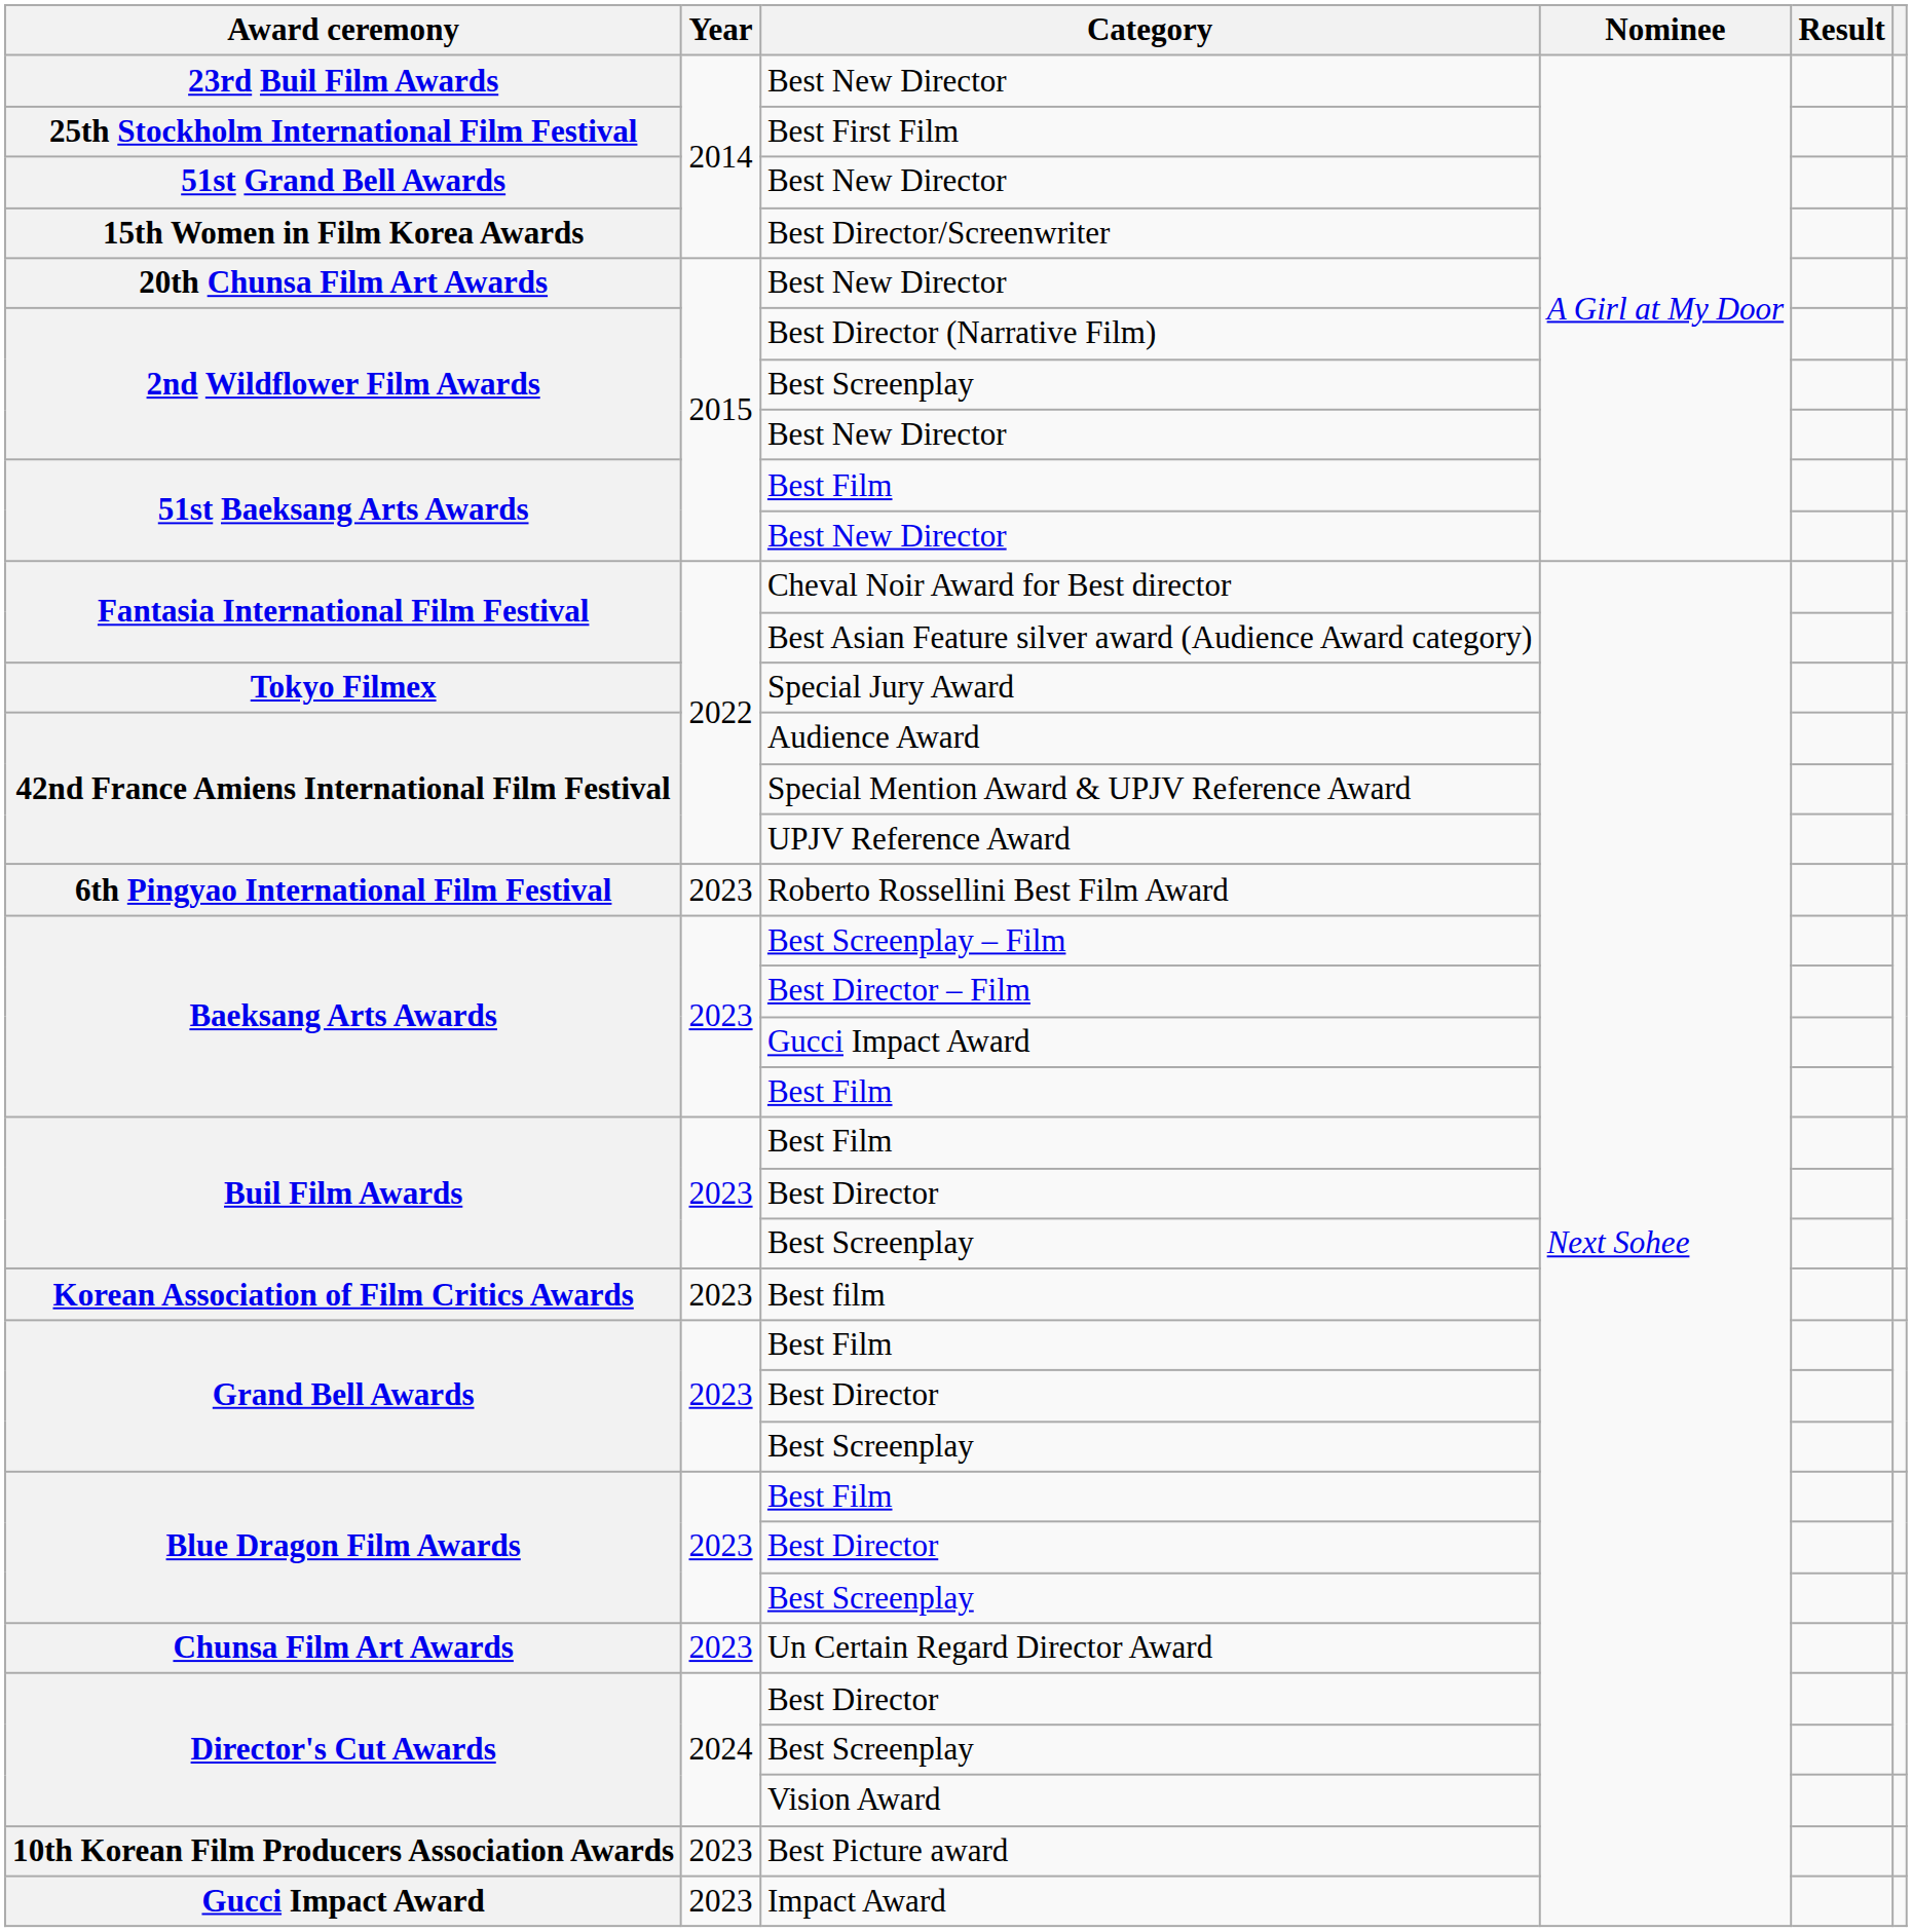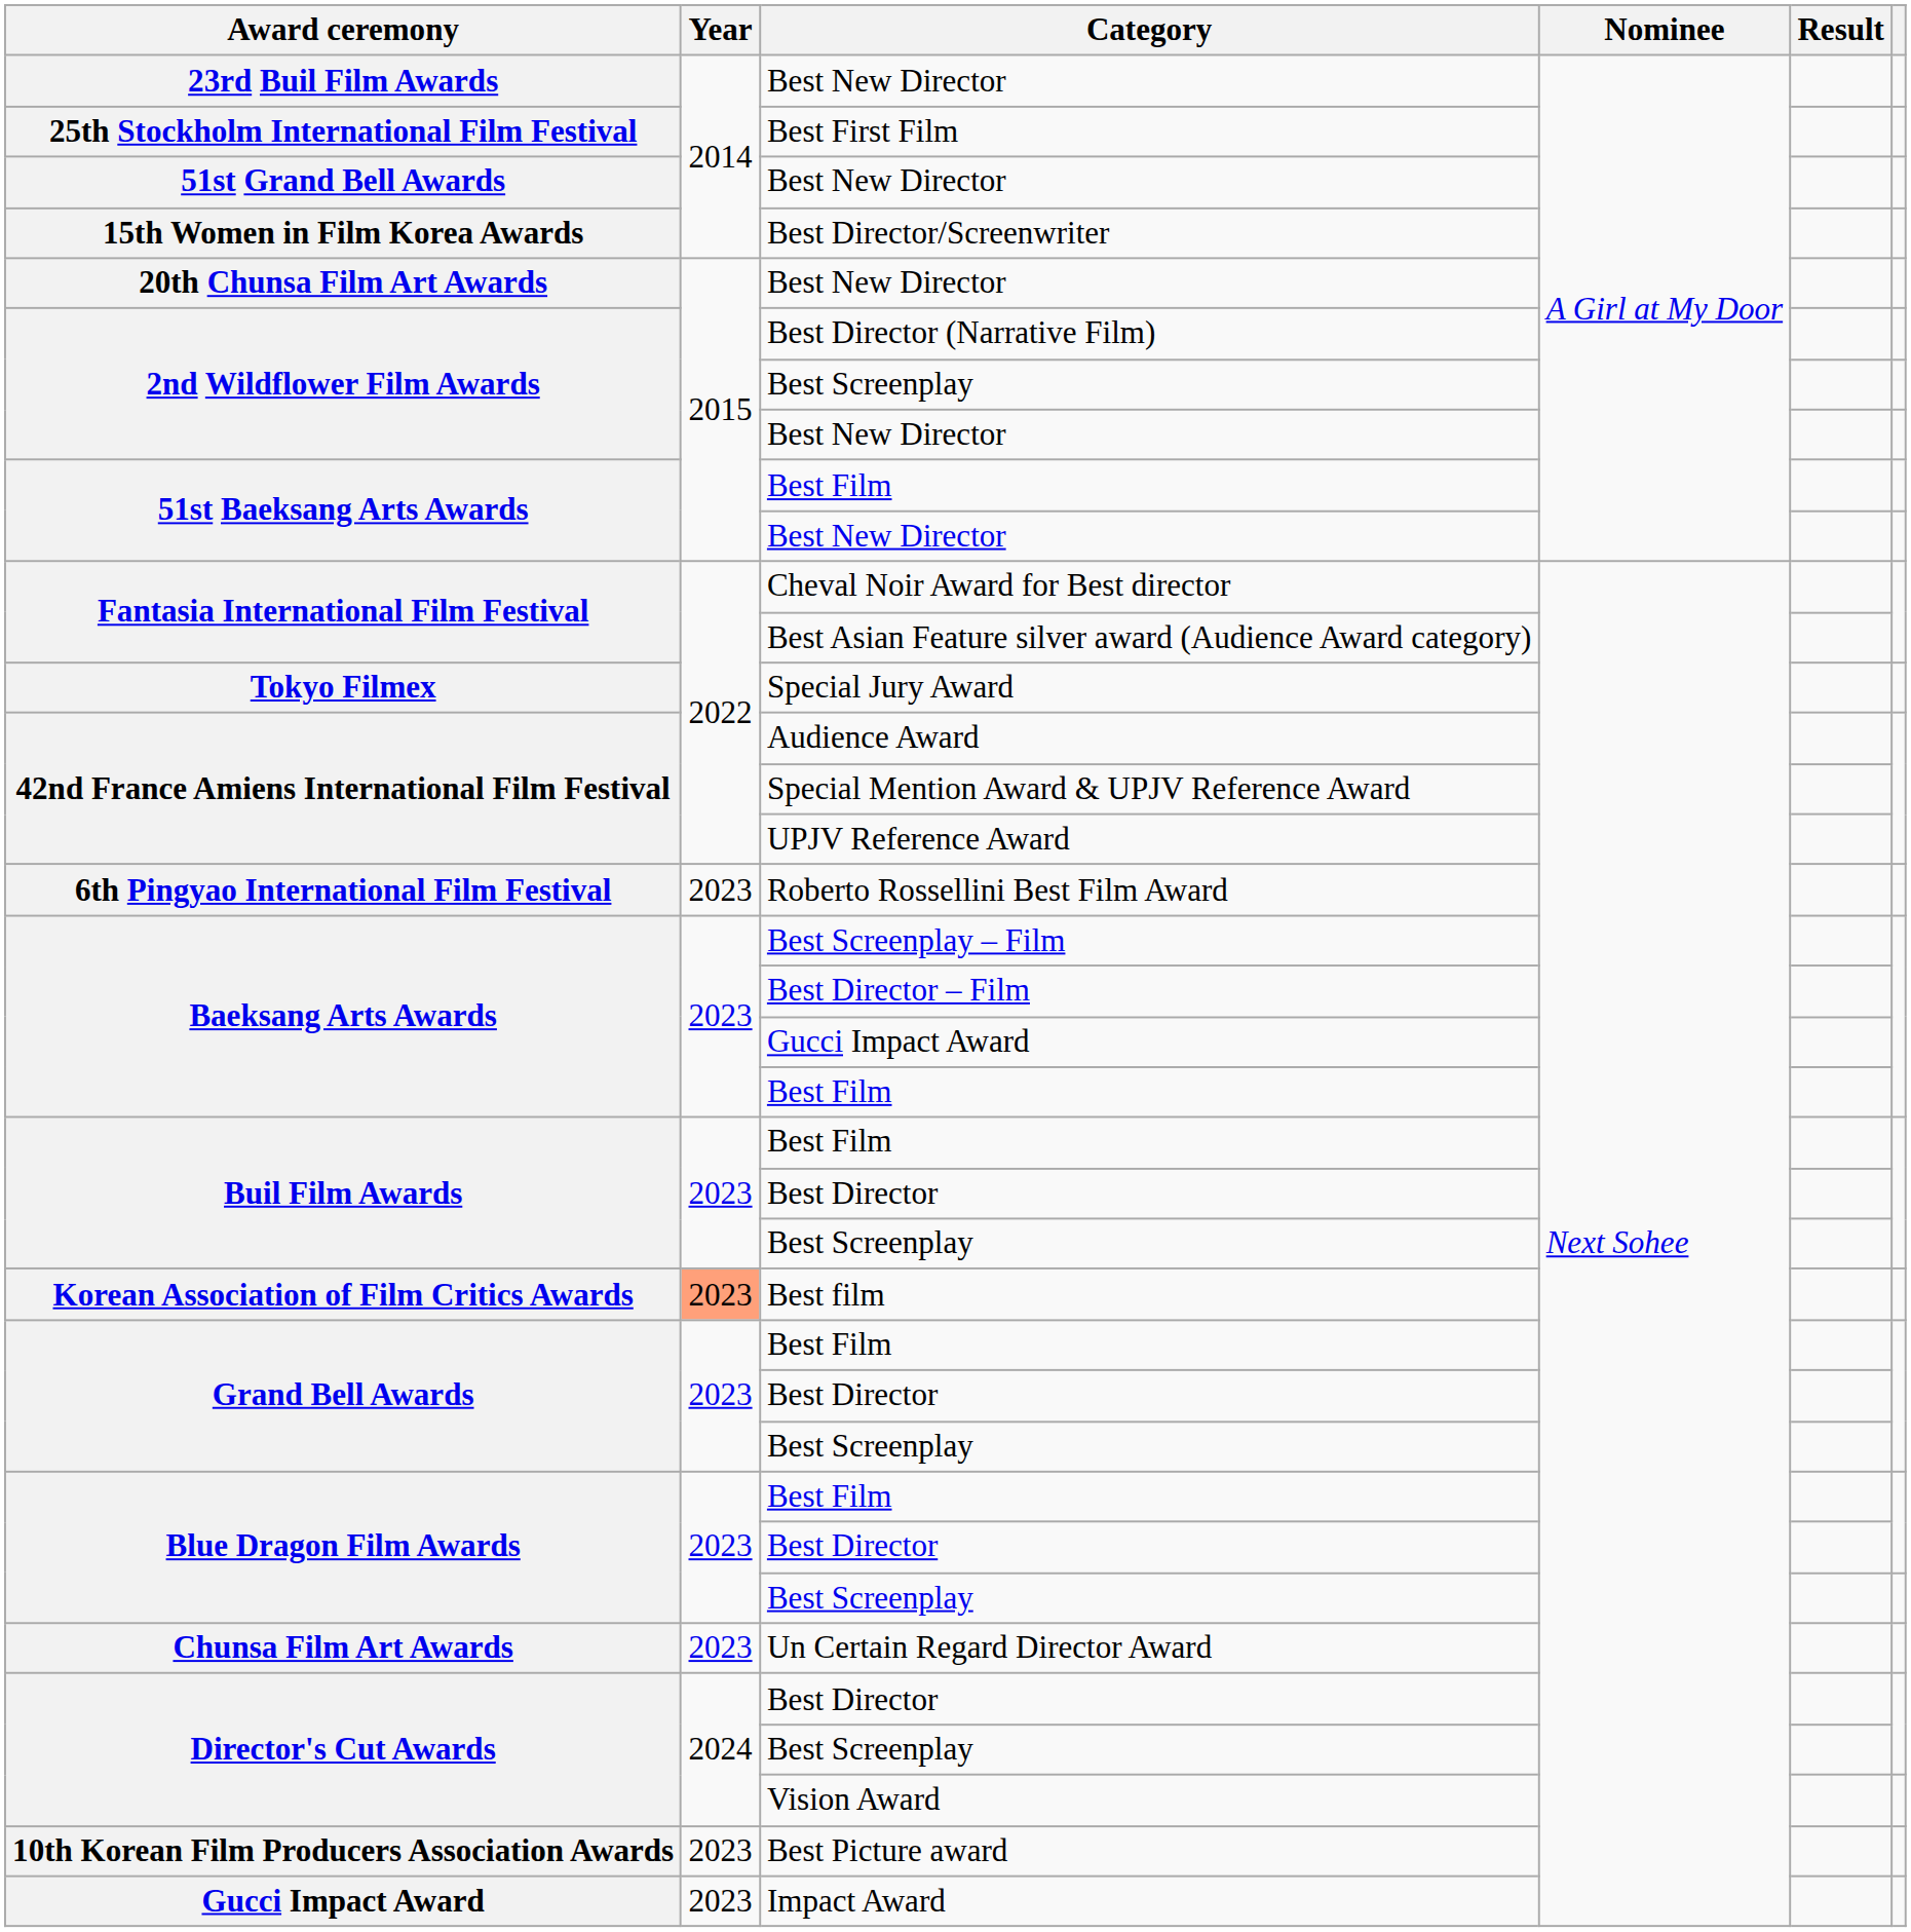 <table class="wikitable plainrowheaders sortable">
 <tr>
 <th scope="col">Award ceremony</th>
 <th scope="col">Year</th>
 <th scope="col">Category</th>
 <th scope="col">Nominee</th>
 <th scope="col">Result</th>
 <th scope="col" class="unsortable"></th>
 </tr>
 <tr>
 <th scope="row"><a href='#'>23rd</a> <a href='#'>Buil Film Awards</a></th>
 <td rowspan="4">2014</td>
 <td>Best New Director</td>
 <td rowspan="10"><em><a href='#'>A Girl at My Door</a></em></td>
 <td></td>
 <td></td>
 </tr>
 <tr>
 <th scope="row">25th <a href='#'>Stockholm International Film Festival</a></th>
 <td>Best First Film</td>
 <td></td>
 <td></td>
 </tr>
 <tr>
 <th scope="row"><a href='#'>51st</a> <a href='#'>Grand Bell Awards</a></th>
 <td>Best New Director</td>
 <td></td>
 <td></td>
 </tr>
 <tr>
 <th scope="row">15th Women in Film Korea Awards</th>
 <td>Best Director/Screenwriter</td>
 <td></td>
 <td></td>
 </tr>
 <tr>
 <th scope="row">20th <a href='#'>Chunsa Film Art Awards</a></th>
 <td rowspan="6">2015</td>
 <td>Best New Director</td>
 <td></td>
 <td></td>
 </tr>
 <tr>
 <th scope="row" rowspan="3"><a href='#'>2nd</a> <a href='#'>Wildflower Film Awards</a></th>
 <td>Best Director (Narrative Film)</td>
 <td></td>
 <td></td>
 </tr>
 <tr>
 <td>Best Screenplay</td>
 <td></td>
 <td></td>
 </tr>
 <tr>
 <td>Best New Director</td>
 <td></td>
 <td></td>
 </tr>
 <tr>
 <th scope="row" rowspan="2"><a href='#'>51st</a> <a href='#'>Baeksang Arts Awards</a></th>
 <td><a href='#'>Best Film</a></td>
 <td></td>
 <td></td>
 </tr>
 <tr>
 <td><a href='#'>Best New Director</a></td>
 <td></td>
 <td></td>
 </tr>
 <tr>
 <th rowspan="2" scope="row"><a href='#'>Fantasia International Film Festival</a></th>
 <td rowspan="6">2022</td>
 <td>Cheval Noir Award for Best director</td>
 <td rowspan="27"><em><a href='#'>Next Sohee</a></em></td>
 <td></td>
 <td rowspan="2"></td>
 </tr>
 <tr>
 <td>Best Asian Feature silver award  (Audience Award category)</td>
 <td></td>
 </tr>
 <tr>
 <th scope="row"><a href='#'>Tokyo Filmex</a></th>
 <td>Special Jury Award</td>
 <td></td>
 <td></td>
 </tr>
 <tr>
 <th rowspan="3" scope="row">42nd France Amiens International Film Festival</th>
 <td>Audience Award</td>
 <td></td>
 <td rowspan="3" style="text-align:center"></td>
 </tr>
 <tr>
 <td>Special Mention Award & UPJV Reference Award</td>
 <td></td>
 </tr>
 <tr>
 <td>UPJV Reference Award</td>
 <td></td>
 </tr>
 <tr>
 <th rowspan="1" scope="row">6th <a href='#'>Pingyao International Film Festival</a></th>
 <td>2023</td>
 <td>Roberto Rossellini Best Film Award</td>
 <td></td>
 <td rowspan="1" style="text-align:center"></td>
 </tr>
 <tr>
 <th scope="row" rowspan="4"><a href='#'>Baeksang Arts Awards</a></th>
 <td rowspan="4"><a href='#'>2023</a></td>
 <td><a href='#'>Best Screenplay – Film</a></td>
 <td></td>
 <td rowspan="4"></td>
 </tr>
 <tr>
 <td><a href='#'>Best Director – Film</a></td>
 <td></td>
 </tr>
 <tr>
 <td><a href='#'>Gucci</a> Impact Award</td>
 <td></td>
 </tr>
 <tr>
 <td><a href='#'>Best Film</a></td>
 <td></td>
 </tr>
 <tr>
 <th rowspan="3" scope="row"><a href='#'>Buil Film Awards</a></th>
 <td rowspan="3"><a href='#'>2023</a></td>
 <td>Best Film</td>
 <td></td>
 <td rowspan="3"></td>
 </tr>
 <tr>
 <td>Best Director</td>
 <td></td>
 </tr>
 <tr>
 <td>Best Screenplay</td>
 <td></td>
 </tr>
 <tr>
 <th scope="row"><a href='#'>Korean Association of Film Critics Awards</a></th>
-<td>2023</td>
+<td style="background: lightsalmon;">2023</td>
 <td>Best film</td>
 <td></td>
 <td></td>
 </tr>
 <tr>
 <th rowspan="3" scope="row"><a href='#'>Grand Bell Awards</a></th>
 <td rowspan="3"><a href='#'>2023</a></td>
 <td>Best Film</td>
 <td></td>
 <td rowspan="3" align="center"></td>
 </tr>
 <tr>
 <td>Best Director</td>
 <td></td>
 </tr>
 <tr>
 <td>Best Screenplay</td>
 <td></td>
 </tr>
 <tr>
 <th rowspan="3" scope="row"><a href='#'>Blue Dragon Film Awards</a></th>
 <td rowspan="3"><a href='#'>2023</a></td>
 <td><a href='#'>Best Film</a></td>
 <td></td>
 <td rowspan="2" align="center"></td>
 </tr>
 <tr>
 <td><a href='#'>Best Director</a></td>
 <td></td>
 </tr>
 <tr>
 <td><a href='#'>Best Screenplay</a></td>
 <td></td>
 <td align="center"></td>
 </tr>
 <tr>
 <th scope="row"><a href='#'>Chunsa Film Art Awards</a></th>
 <td><a href='#'>2023</a></td>
 <td>Un Certain Regard Director Award</td>
 <td></td>
 <td align="center"></td>
 </tr>
 <tr>
 <th rowspan="3" scope="row"><a href='#'>Director's Cut Awards</a></th>
 <td rowspan="3">2024</td>
 <td>Best Director</td>
 <td></td>
 <td rowspan="2" align="center"></td>
 </tr>
 <tr>
 <td>Best Screenplay</td>
 <td></td>
 </tr>
 <tr>
 <td>Vision Award</td>
 <td></td>
 <td align="center"></td>
 </tr>
 <tr>
 <th scope="row">10th Korean Film Producers Association Awards</th>
 <td>2023</td>
 <td>Best Picture award</td>
 <td></td>
 <td align="center"></td>
 </tr>
 <tr>
 <th scope="row"><a href='#'>Gucci</a> Impact Award</th>
 <td>2023</td>
 <td>Impact Award</td>
 <td></td>
 <td></td>
 </tr>
 </table>
